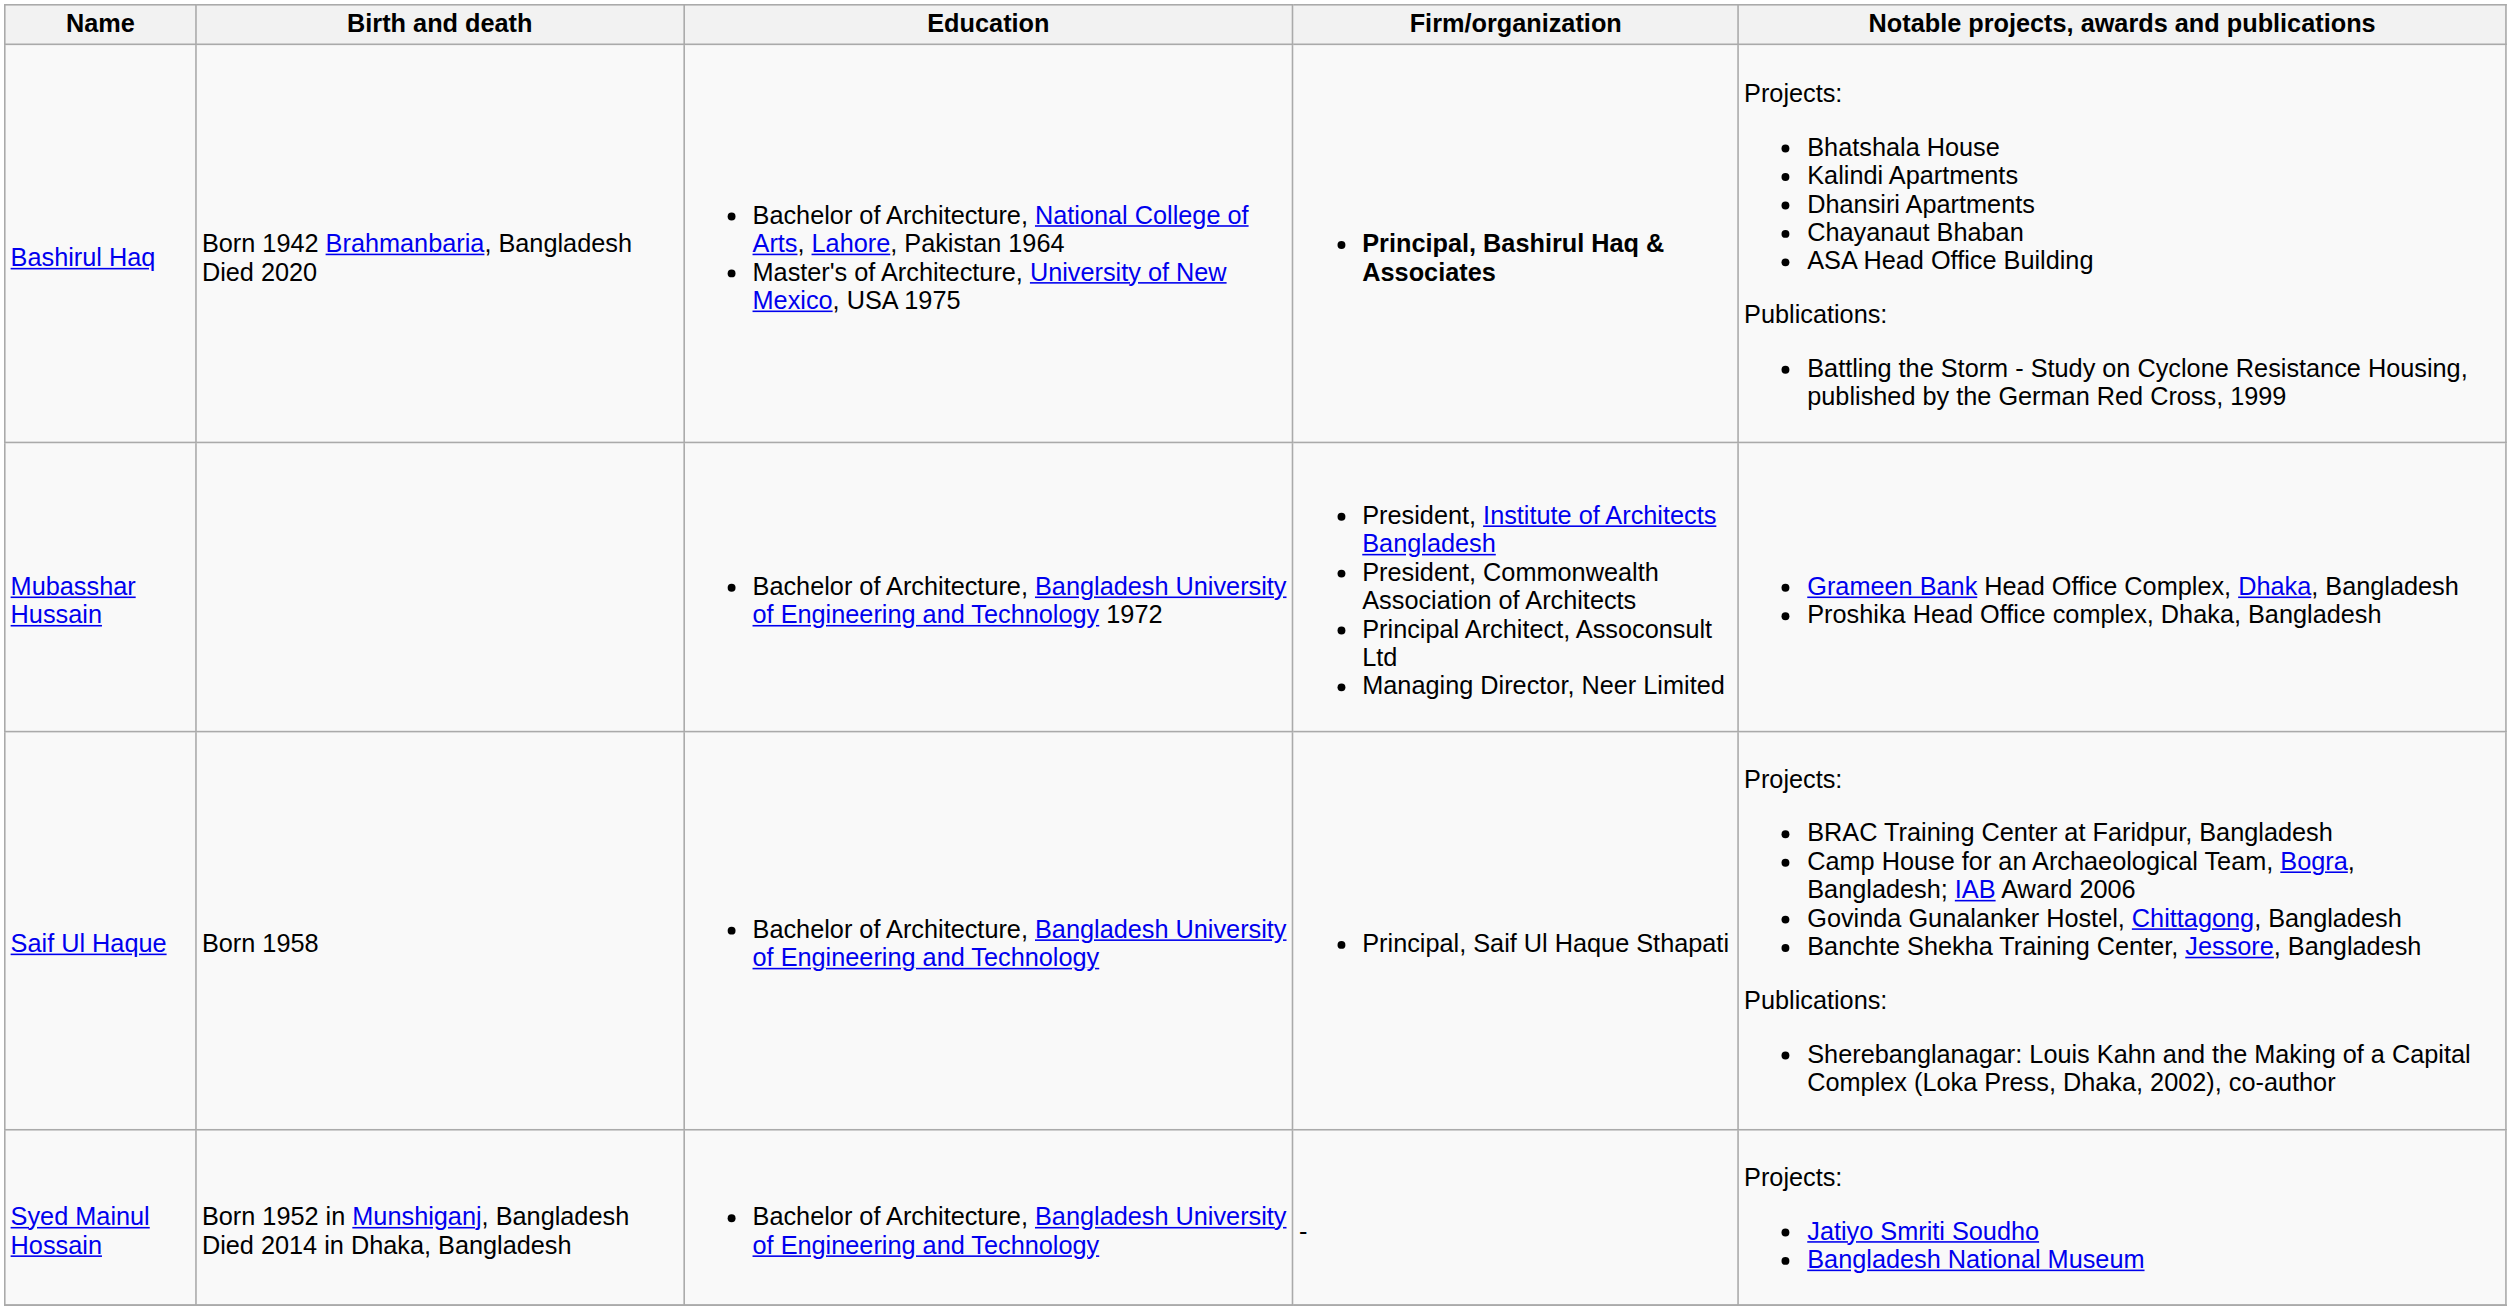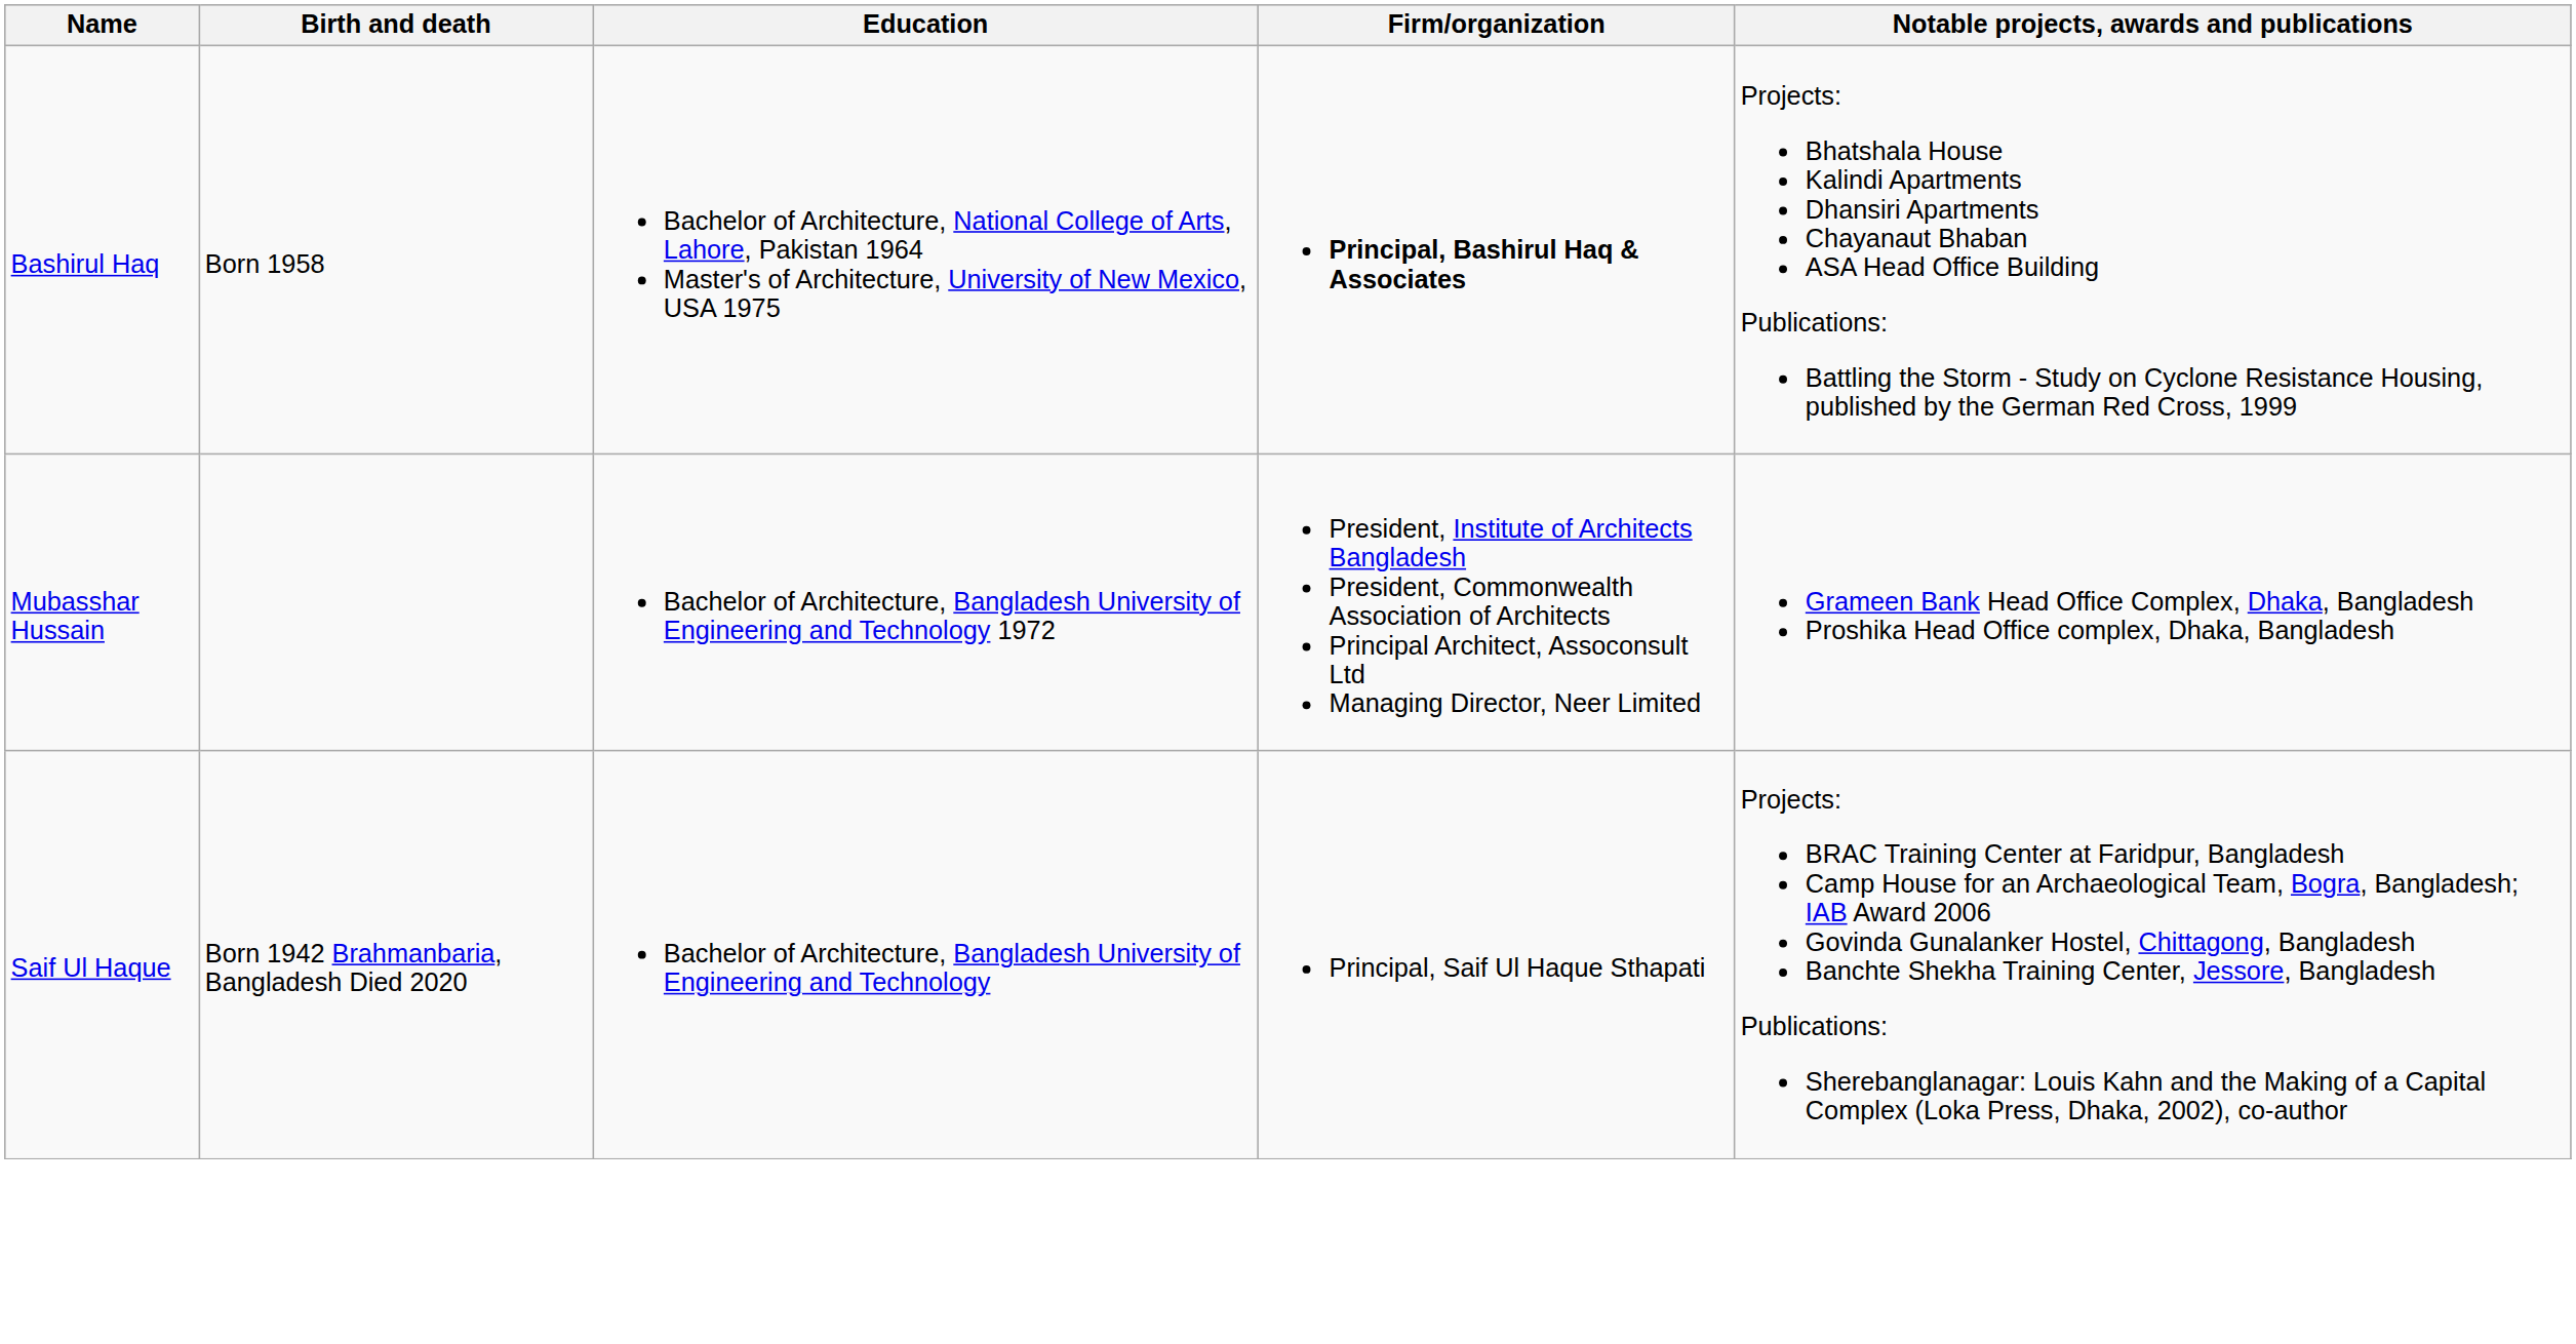 <table class="wikitable" width=100%>
 <tr bgcolor=#efefef>
 <th>Name</th>
 <th>Birth and death</th>
 <th>Education</th>
 <th>Firm/organization</th>
 <th>Notable projects, awards and publications</th>
 </tr>
 <tr>
 <td><br><a href='#'>Bashirul Haq</a></td>
-<td><br>Born 1942 <a href='#'>Brahmanbaria</a>, Bangladesh Died 2020</td>
+<td><br>Born 1958</td>
 <td><br><ul><li>Bachelor of Architecture, <a href='#'>National College of Arts</a>, <a href='#'>Lahore</a>, Pakistan 1964</li><li>Master's of Architecture, <a href='#'>University of New Mexico</a>, USA 1975</li></ul></td>
 <td><strong><br><ul><li>Principal, Bashirul Haq & Associates</li></ul></strong></td>
 <td><br>Projects:<ul><li>Bhatshala House</li><li>Kalindi Apartments</li><li>Dhansiri Apartments</li><li>Chayanaut Bhaban</li><li>ASA Head Office Building</li></ul>Publications:<ul><li>Battling the Storm - Study on Cyclone Resistance Housing, published by the German Red Cross, 1999</li></ul></td>
 </tr>
 <tr>
 <td><br><a href='#'>Mubasshar Hussain</a></td>
 <td></td>
 <td><br><ul><li>Bachelor of Architecture, <a href='#'>Bangladesh University of Engineering and Technology</a> 1972</li></ul></td>
 <td><br><ul><li>President, <a href='#'>Institute of Architects Bangladesh</a></li><li>President, Commonwealth Association of Architects</li><li>Principal Architect, Assoconsult Ltd</li><li>Managing Director, Neer Limited</li></ul></td>
 <td><br><ul><li><a href='#'>Grameen Bank</a> Head Office Complex, <a href='#'>Dhaka</a>, Bangladesh</li><li>Proshika Head Office complex, Dhaka, Bangladesh</li></ul></td>
 </tr>
 <tr>
 <td><br><a href='#'>Saif Ul Haque</a></td>
-<td><br>Born 1958</td>
+<td><br>Born 1942 <a href='#'>Brahmanbaria</a>, Bangladesh Died 2020</td>
 <td><br><ul><li>Bachelor of Architecture, <a href='#'>Bangladesh University of Engineering and Technology</a></li></ul></td>
 <td><br><ul><li>Principal, Saif Ul Haque Sthapati</li></ul></td>
 <td><br>Projects:<ul><li>BRAC Training Center at Faridpur, Bangladesh</li><li>Camp House for an Archaeological Team, <a href='#'>Bogra</a>, Bangladesh; <a href='#'>IAB</a> Award 2006</li><li>Govinda Gunalanker Hostel, <a href='#'>Chittagong</a>, Bangladesh</li><li>Banchte Shekha Training Center, <a href='#'>Jessore</a>, Bangladesh</li></ul>Publications:<ul><li>Sherebanglanagar: Louis Kahn and the Making of a Capital Complex (Loka Press, Dhaka, 2002), co-author</li></ul></td>
 </tr>
 <tr>
-<td><br><a href='#'>Syed Mainul Hossain</a></td>
-<td><br>Born 1952 in <a href='#'>Munshiganj</a>, Bangladesh Died 2014 in Dhaka, Bangladesh</td>
-<td><br><ul><li>Bachelor of Architecture, <a href='#'>Bangladesh University of Engineering and Technology</a></li></ul></td>
-<td><br>-</td>
-<td><br>Projects:<ul><li><a href='#'>Jatiyo Smriti Soudho</a></li><li><a href='#'>Bangladesh National Museum</a></li></ul></td>
-</tr>
-<tr>
 </tr>
 </table>
